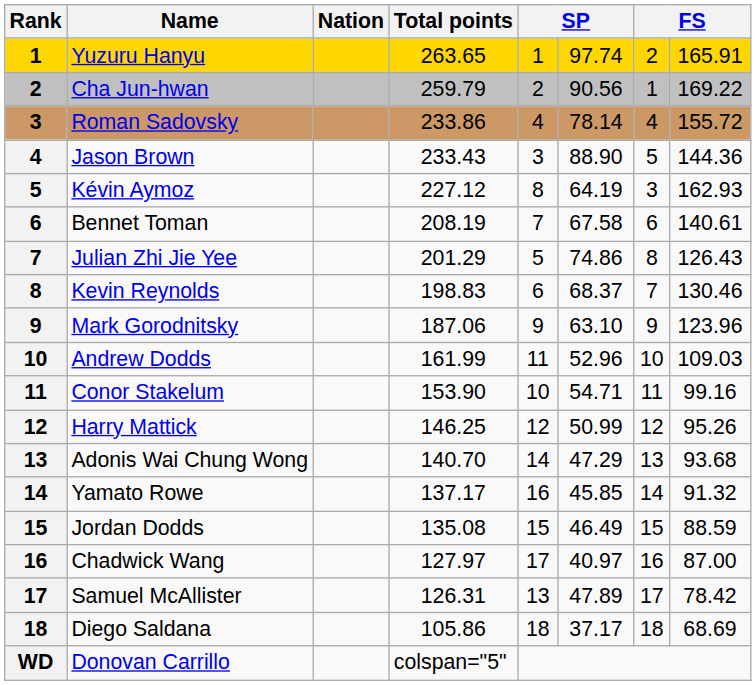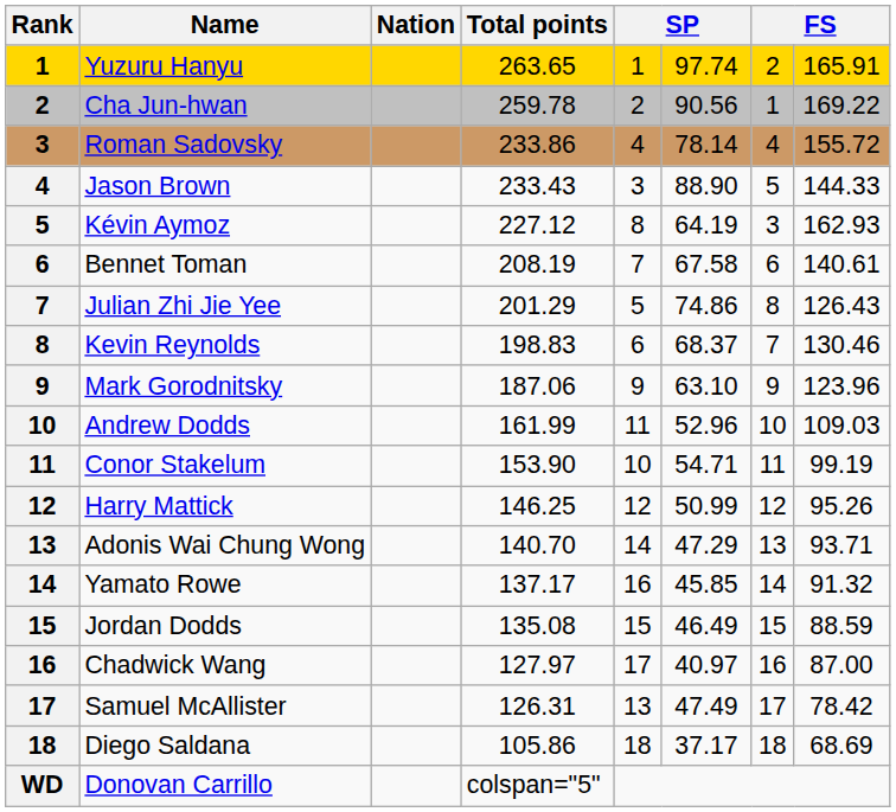 <table class="wikitable sortable">
 <tr>
 <th>Rank</th>
 <th>Name</th>
 <th>Nation</th>
 <th>Total points</th>
 <th colspan="2" width="80px"><a href='#'>SP</a></th>
 <th colspan="2" width="80px"><a href='#'>FS</a></th>
 </tr>
 <tr bgcolor="gold">
 <td align="center"><strong>1</strong></td>
 <td><a href='#'>Yuzuru Hanyu</a></td>
 <td></td>
 <td align="center">263.65</td>
 <td align="center">1</td>
 <td align="center">97.74</td>
 <td align="center">2</td>
 <td align="center">165.91</td>
 </tr>
 <tr bgcolor="silver">
 <td align="center"><strong>2</strong></td>
 <td><a href='#'>Cha Jun-hwan</a></td>
 <td></td>
-<td align="center">259.79</td>
+<td align="center">259.78</td>
 <td align="center">2</td>
 <td align="center">90.56</td>
 <td align="center">1</td>
 <td align="center">169.22</td>
 </tr>
 <tr bgcolor="cc9966">
 <td align="center"><strong>3</strong></td>
 <td><a href='#'>Roman Sadovsky</a></td>
 <td></td>
 <td align="center">233.86</td>
 <td align="center">4</td>
 <td align="center">78.14</td>
 <td align="center">4</td>
 <td align="center">155.72</td>
 </tr>
 <tr>
 <th>4</th>
 <td><a href='#'>Jason Brown</a></td>
 <td></td>
 <td align="center">233.43</td>
 <td align="center">3</td>
 <td align="center">88.90</td>
 <td align="center">5</td>
-<td align="center">144.36</td>
+<td align="center">144.33</td>
 </tr>
 <tr>
 <th>5</th>
 <td><a href='#'>Kévin Aymoz</a></td>
 <td></td>
 <td align="center">227.12</td>
 <td align="center">8</td>
 <td align="center">64.19</td>
 <td align="center">3</td>
 <td align="center">162.93</td>
 </tr>
 <tr>
 <th>6</th>
 <td>Bennet Toman</td>
 <td></td>
 <td align="center">208.19</td>
 <td align="center">7</td>
 <td align="center">67.58</td>
 <td align="center">6</td>
 <td align="center">140.61</td>
 </tr>
 <tr>
 <th>7</th>
 <td><a href='#'>Julian Zhi Jie Yee</a></td>
 <td></td>
 <td align="center">201.29</td>
 <td align="center">5</td>
 <td align="center">74.86</td>
 <td align="center">8</td>
 <td align="center">126.43</td>
 </tr>
 <tr>
 <th>8</th>
 <td><a href='#'>Kevin Reynolds</a></td>
 <td></td>
 <td align="center">198.83</td>
 <td align="center">6</td>
 <td align="center">68.37</td>
 <td align="center">7</td>
 <td align="center">130.46</td>
 </tr>
 <tr>
 <th>9</th>
 <td><a href='#'>Mark Gorodnitsky</a></td>
 <td></td>
 <td align="center">187.06</td>
 <td align="center">9</td>
 <td align="center">63.10</td>
 <td align="center">9</td>
 <td align="center">123.96</td>
 </tr>
 <tr>
 <th>10</th>
 <td><a href='#'>Andrew Dodds</a></td>
 <td></td>
 <td align="center">161.99</td>
 <td align="center">11</td>
 <td align="center">52.96</td>
 <td align="center">10</td>
 <td align="center">109.03</td>
 </tr>
 <tr>
 <th>11</th>
 <td><a href='#'>Conor Stakelum</a></td>
 <td></td>
 <td align="center">153.90</td>
 <td align="center">10</td>
 <td align="center">54.71</td>
 <td align="center">11</td>
-<td align="center">99.16</td>
+<td align="center">99.19</td>
 </tr>
 <tr>
 <th>12</th>
 <td><a href='#'>Harry Mattick</a></td>
 <td></td>
 <td align="center">146.25</td>
 <td align="center">12</td>
 <td align="center">50.99</td>
 <td align="center">12</td>
 <td align="center">95.26</td>
 </tr>
 <tr>
 <th>13</th>
 <td>Adonis Wai Chung Wong</td>
 <td></td>
 <td align="center">140.70</td>
 <td align="center">14</td>
 <td align="center">47.29</td>
 <td align="center">13</td>
-<td align="center">93.68</td>
+<td align="center">93.71</td>
 </tr>
 <tr>
 <th>14</th>
 <td>Yamato Rowe</td>
 <td></td>
 <td align="center">137.17</td>
 <td align="center">16</td>
 <td align="center">45.85</td>
 <td align="center">14</td>
 <td align="center">91.32</td>
 </tr>
 <tr>
 <th>15</th>
 <td>Jordan Dodds</td>
 <td></td>
 <td align="center">135.08</td>
 <td align="center">15</td>
 <td align="center">46.49</td>
 <td align="center">15</td>
 <td align="center">88.59</td>
 </tr>
 <tr>
 <th>16</th>
 <td>Chadwick Wang</td>
 <td></td>
 <td align="center">127.97</td>
 <td align="center">17</td>
 <td align="center">40.97</td>
 <td align="center">16</td>
 <td align="center">87.00</td>
 </tr>
 <tr>
 <th>17</th>
 <td>Samuel McAllister</td>
 <td></td>
 <td align="center">126.31</td>
 <td align="center">13</td>
-<td align="center">47.89</td>
+<td align="center">47.49</td>
 <td align="center">17</td>
 <td align="center">78.42</td>
 </tr>
 <tr>
 <th>18</th>
 <td>Diego Saldana</td>
 <td></td>
 <td align="center">105.86</td>
 <td align="center">18</td>
 <td align="center">37.17</td>
 <td align="center">18</td>
 <td align="center">68.69</td>
 </tr>
 <tr>
 <th>WD</th>
 <td><a href='#'>Donovan Carrillo</a></td>
 <td></td>
 <td>colspan="5" </td>
 </tr>
 </table>
